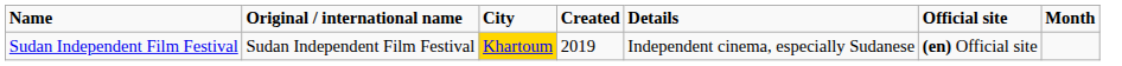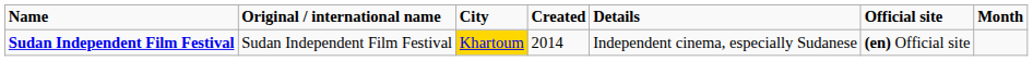 <table class="wikitable">
 <tr>
 <td><strong>Name</strong></td>
 <td><strong>Original / international name</strong></td>
 <td><strong>City</strong></td>
 <td><strong>Created</strong></td>
 <td><strong>Details</strong></td>
 <td><strong>Official site</strong></td>
 <td><strong>Month</strong></td>
 </tr>
 <tr>
-<td><a href='#'>Sudan Independent Film Festival</a></td>
+<td><strong><a href='#'>Sudan Independent Film Festival</a></strong></td>
 <td>Sudan Independent Film Festival</td>
 <td style="background: gold;"><a href='#'>Khartoum</a></td>
-<td>2019</td>
+<td>2014</td>
 <td>Independent cinema, especially Sudanese</td>
 <td><strong>(en)</strong> Official site</td>
 <td></td>
 </tr>
 </table>
